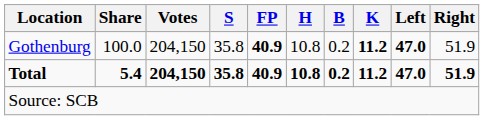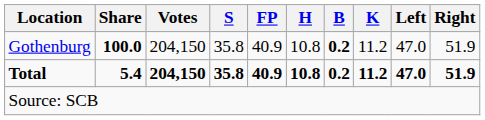 <table class="wikitable sortable" style=text-align:right>
 <tr>
 <th>Location</th>
 <th>Share</th>
 <th>Votes</th>
 <th><a href='#'>S</a></th>
 <th><a href='#'>FP</a></th>
 <th><a href='#'>H</a></th>
 <th><a href='#'>B</a></th>
 <th><a href='#'>K</a></th>
 <th>Left</th>
 <th>Right</th>
 </tr>
 <tr>
 <td align=left><a href='#'>Gothenburg</a></td>
-<td>100.0</td>
+<td><strong>100.0</strong></td>
 <td>204,150</td>
 <td>35.8</td>
-<td><strong>40.9</strong></td>
+<td>40.9</td>
 <td>10.8</td>
-<td>0.2</td>
-<td><strong>11.2</strong></td>
-<td><strong>47.0</strong></td>
+<td><strong>0.2</strong></td>
+<td>11.2</td>
+<td>47.0</td>
 <td>51.9</td>
 </tr>
 <tr>
 <td align=left><strong>Total</strong></td>
 <td><strong>5.4</strong></td>
 <td><strong>204,150</strong></td>
 <td><strong>35.8</strong></td>
 <td><strong>40.9</strong></td>
 <td><strong>10.8</strong></td>
 <td><strong>0.2</strong></td>
 <td><strong>11.2</strong></td>
 <td><strong>47.0</strong></td>
 <td><strong>51.9</strong></td>
 </tr>
 <tr>
 <td align=left colspan=10>Source: SCB </td>
 </tr>
 </table>
